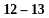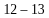 <table style="text-align:center">
 <tr>
 <th width=200></th>
 <th width=100></th>
 <th width=200></th>
 </tr>
 <tr>
 <td align=right></td>
-<td><strong>12 – 13</strong></td>
+<td>12 – 13</td>
 <td align=left><strong></strong></td>
 </tr>
 </table>
